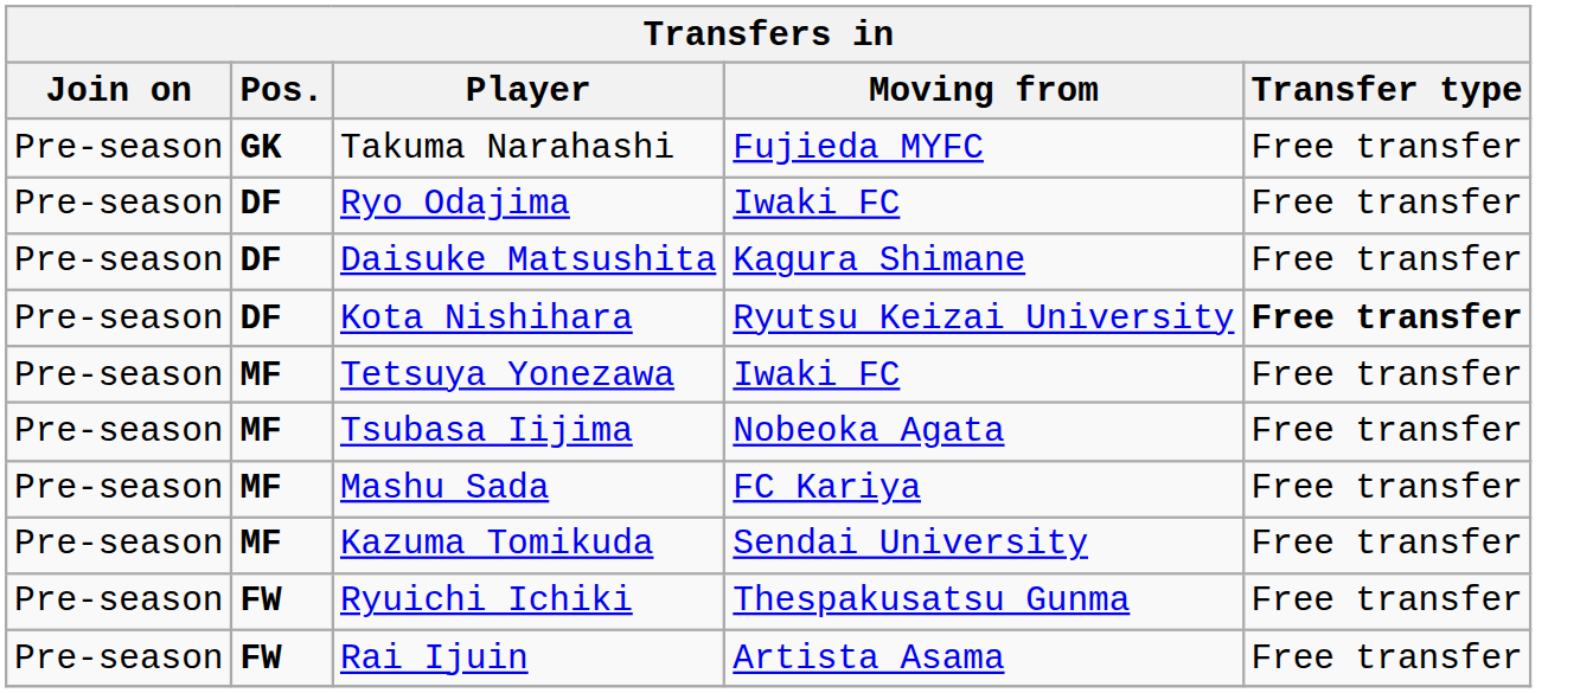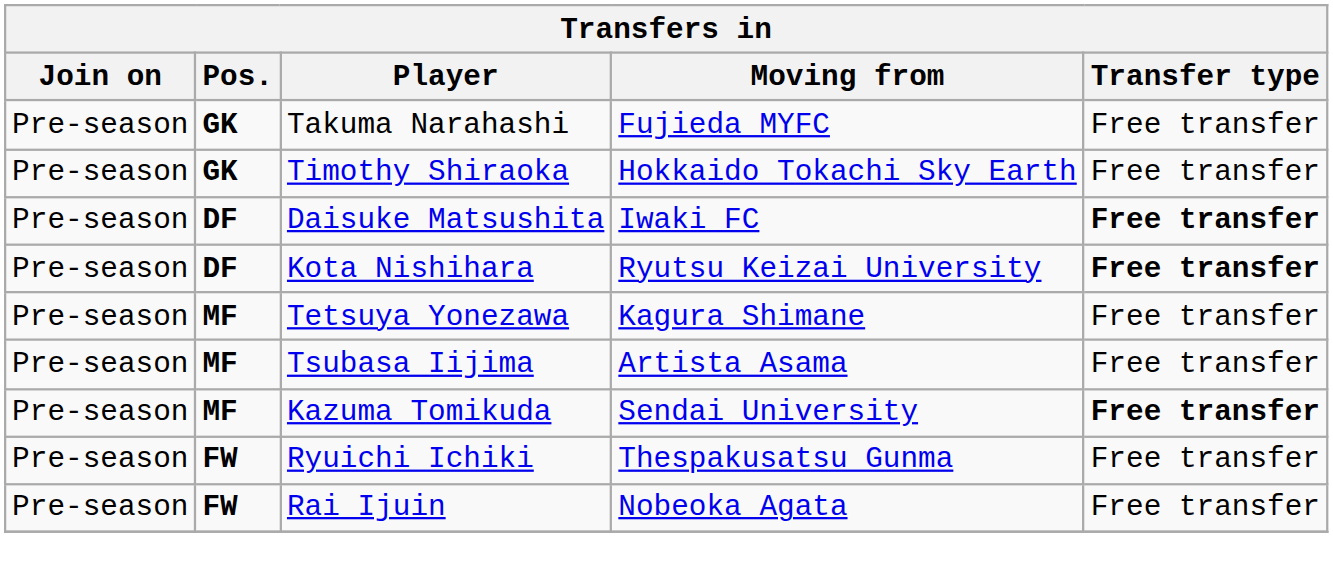 <table class="wikitable sortable" style=“text-align:left;>
 <tr>
 <th colspan="5">Transfers in</th>
 </tr>
 <tr>
 <th>Join on</th>
 <th>Pos.</th>
 <th>Player</th>
 <th>Moving from</th>
 <th>Transfer type</th>
 </tr>
 <tr>
 <td>Pre-season</td>
 <td><strong>GK</strong></td>
 <td> Takuma Narahashi</td>
 <td> <a href='#'>Fujieda MYFC</a></td>
 <td>Free transfer</td>
 </tr>
 <tr>
 <td>Pre-season</td>
-<td><strong>DF</strong></td>
-<td> <a href='#'>Ryo Odajima</a></td>
-<td> <a href='#'>Iwaki FC</a></td>
+<td><strong>GK</strong></td>
+<td> <a href='#'>Timothy Shiraoka</a></td>
+<td> <a href='#'>Hokkaido Tokachi Sky Earth</a></td>
 <td>Free transfer</td>
 </tr>
 <tr>
 <td>Pre-season</td>
 <td><strong>DF</strong></td>
 <td> <a href='#'>Daisuke Matsushita</a></td>
-<td> <a href='#'>Kagura Shimane</a></td>
-<td>Free transfer</td>
+<td> <a href='#'>Iwaki FC</a></td>
+<td><strong>Free transfer</strong></td>
 </tr>
 <tr>
 <td>Pre-season</td>
 <td><strong>DF</strong></td>
 <td> <a href='#'>Kota Nishihara</a></td>
 <td> <a href='#'>Ryutsu Keizai University</a></td>
 <td><strong>Free transfer</strong></td>
 </tr>
 <tr>
 <td>Pre-season</td>
 <td><strong>MF</strong></td>
 <td> <a href='#'>Tetsuya Yonezawa</a></td>
-<td> <a href='#'>Iwaki FC</a></td>
+<td> <a href='#'>Kagura Shimane</a></td>
 <td>Free transfer</td>
 </tr>
 <tr>
 <td>Pre-season</td>
 <td><strong>MF</strong></td>
 <td> <a href='#'>Tsubasa Iijima</a></td>
-<td> <a href='#'>Nobeoka Agata</a></td>
-<td>Free transfer</td>
-</tr>
-<tr>
-<td>Pre-season</td>
-<td><strong>MF</strong></td>
-<td> <a href='#'>Mashu Sada</a></td>
-<td> <a href='#'>FC Kariya</a></td>
+<td> <a href='#'>Artista Asama</a></td>
 <td>Free transfer</td>
 </tr>
 <tr>
 <td>Pre-season</td>
 <td><strong>MF</strong></td>
 <td> <a href='#'>Kazuma Tomikuda</a></td>
 <td> <a href='#'>Sendai University</a></td>
-<td>Free transfer</td>
+<td><strong>Free transfer</strong></td>
 </tr>
 <tr>
 <td>Pre-season</td>
 <td><strong>FW</strong></td>
 <td> <a href='#'>Ryuichi Ichiki</a></td>
 <td> <a href='#'>Thespakusatsu Gunma</a></td>
 <td>Free transfer</td>
 </tr>
 <tr>
 <td>Pre-season</td>
 <td><strong>FW</strong></td>
 <td> <a href='#'>Rai Ijuin</a></td>
-<td> <a href='#'>Artista Asama</a></td>
+<td> <a href='#'>Nobeoka Agata</a></td>
 <td>Free transfer</td>
 </tr>
 <tr>
 </tr>
 </table>
